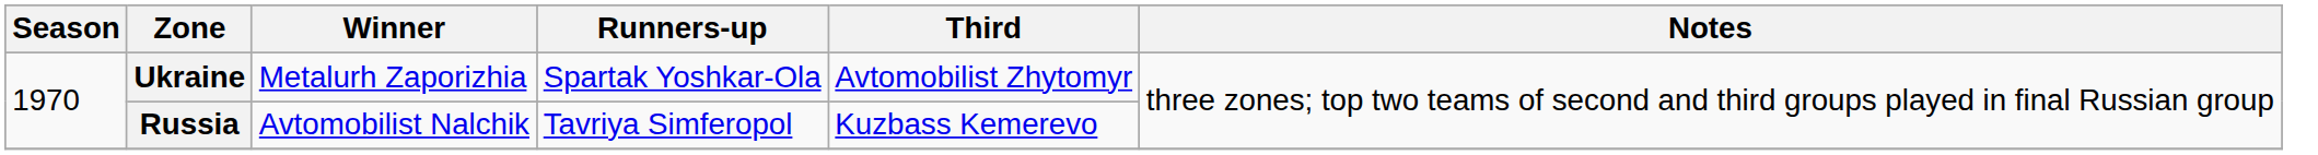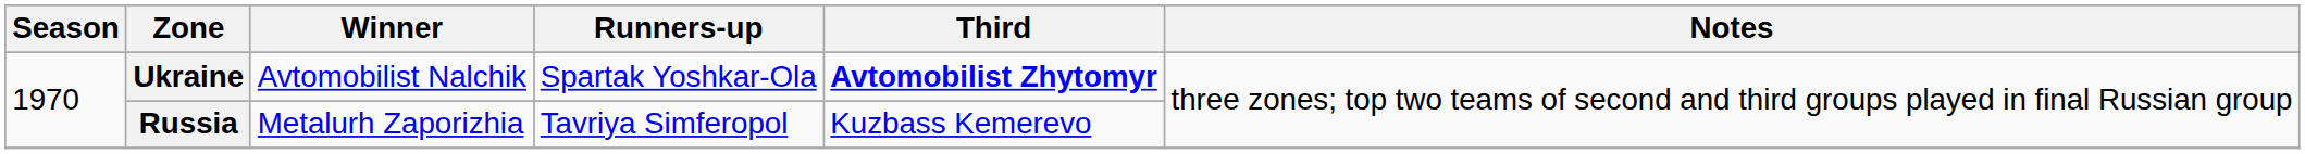 <table class="wikitable">
 <tr>
 <th>Season</th>
 <th>Zone</th>
 <th>Winner</th>
 <th>Runners-up</th>
 <th>Third</th>
 <th>Notes</th>
 </tr>
 <tr>
 <td rowspan=2>1970</td>
 <th>Ukraine</th>
-<td><a href='#'>Metalurh Zaporizhia</a></td>
+<td><a href='#'>Avtomobilist Nalchik</a></td>
 <td><a href='#'>Spartak Yoshkar‑Ola</a></td>
-<td><a href='#'>Avtomobilist Zhytomyr</a></td>
+<td><strong><a href='#'>Avtomobilist Zhytomyr</a></strong></td>
 <td rowspan=2>three zones; top two teams of second and third groups played in final Russian group</td>
 </tr>
 <tr>
 <th>Russia</th>
-<td><a href='#'>Avtomobilist Nalchik</a></td>
+<td><a href='#'>Metalurh Zaporizhia</a></td>
 <td><a href='#'>Tavriya Simferopol</a></td>
 <td><a href='#'>Kuzbass Kemerevo</a></td>
 </tr>
 <tr>
 </tr>
 </table>
